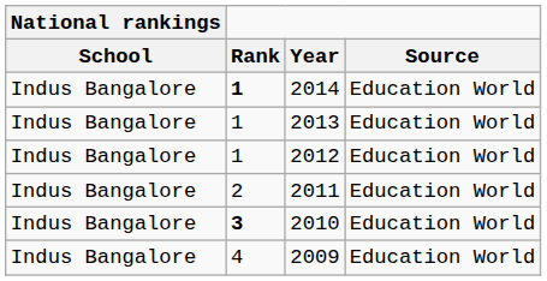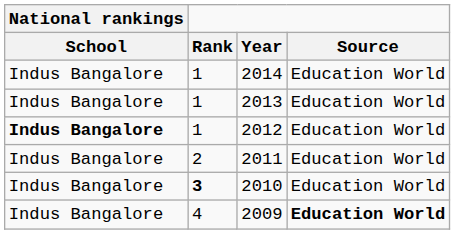 <table class="wikitable">
 <tr>
 <th>National rankings</th>
 </tr>
 <tr>
 <th>School</th>
 <th>Rank</th>
 <th>Year</th>
 <th>Source</th>
 </tr>
 <tr>
 <td>Indus Bangalore</td>
-<td><strong>1</strong></td>
+<td>1</td>
 <td>2014</td>
 <td>Education World</td>
 </tr>
 <tr>
 <td>Indus Bangalore</td>
 <td>1</td>
 <td>2013</td>
 <td>Education World</td>
 </tr>
 <tr>
-<td>Indus Bangalore</td>
+<td><strong>Indus Bangalore</strong></td>
 <td>1</td>
 <td>2012</td>
 <td>Education World</td>
 </tr>
 <tr>
 <td>Indus Bangalore</td>
 <td>2</td>
 <td>2011</td>
 <td>Education World</td>
 </tr>
 <tr>
 <td>Indus Bangalore</td>
 <td><strong>3</strong></td>
 <td>2010</td>
 <td>Education World</td>
 </tr>
 <tr>
 <td>Indus Bangalore</td>
 <td>4</td>
 <td>2009</td>
-<td>Education World</td>
+<td><strong>Education World</strong></td>
 </tr>
 </table>
